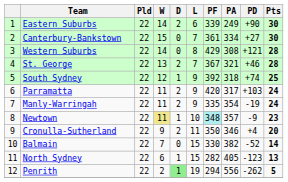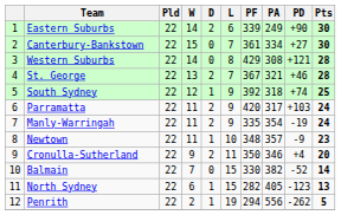 <table class="wikitable" style="text-align:center;">
 <tr>
 <th width=20 abbr="Position×"></th>
 <th width=175>Team</th>
 <th width=20 abbr="Played">Pld</th>
 <th width=20 abbr="Won">W</th>
 <th width=20 abbr="Drawn">D</th>
 <th width=20 abbr="Lost">L</th>
 <th width=20 abbr="Points for">PF</th>
 <th width=20 abbr="Points against">PA</th>
 <th width=20 abbr="Points difference">PD</th>
 <th width=20 abbr="Points">Pts</th>
 </tr>
 <tr style="background: #ccffcc;">
 <td>1</td>
 <td style="text-align:left;"> <a href='#'>Eastern Suburbs</a></td>
 <td>22</td>
 <td>14</td>
 <td>2</td>
 <td>6</td>
 <td>339</td>
 <td>249</td>
 <td>+90</td>
 <td><strong>30</strong></td>
 </tr>
 <tr style="background: #ccffcc;">
 <td>2</td>
 <td style="text-align:left;"> <a href='#'>Canterbury-Bankstown</a></td>
 <td>22</td>
 <td>15</td>
 <td>0</td>
 <td>7</td>
 <td>361</td>
 <td>334</td>
 <td>+27</td>
 <td><strong>30</strong></td>
 </tr>
 <tr style="background: #ccffcc;">
 <td>3</td>
 <td style="text-align:left;"> <a href='#'>Western Suburbs</a></td>
 <td>22</td>
 <td>14</td>
 <td>0</td>
 <td>8</td>
 <td>429</td>
 <td>308</td>
 <td>+121</td>
 <td><strong>28</strong></td>
 </tr>
 <tr style="background: #ccffcc;">
 <td>4</td>
 <td style="text-align:left;"> <a href='#'>St. George</a></td>
 <td>22</td>
 <td>13</td>
 <td>2</td>
 <td>7</td>
 <td>367</td>
 <td>321</td>
 <td>+46</td>
 <td><strong>28</strong></td>
 </tr>
 <tr style="background: #ccffcc;">
 <td>5</td>
 <td style="text-align:left;"> <a href='#'>South Sydney</a></td>
 <td>22</td>
 <td>12</td>
 <td>1</td>
 <td>9</td>
 <td>392</td>
 <td>318</td>
 <td>+74</td>
 <td><strong>25</strong></td>
 </tr>
 <tr>
 <td>6</td>
 <td style="text-align:left;"> <a href='#'>Parramatta</a></td>
 <td>22</td>
 <td>11</td>
 <td>2</td>
 <td>9</td>
 <td>420</td>
 <td>317</td>
 <td>+103</td>
 <td><strong>24</strong></td>
 </tr>
 <tr>
 <td>7</td>
 <td style="text-align:left;"> <a href='#'>Manly-Warringah</a></td>
 <td>22</td>
 <td>11</td>
 <td>2</td>
 <td>9</td>
 <td>335</td>
 <td>354</td>
 <td>-19</td>
 <td><strong>24</strong></td>
 </tr>
 <tr>
 <td>8</td>
 <td style="text-align:left;"> <a href='#'>Newtown</a></td>
 <td>22</td>
-<td style="background: khaki;">11</td>
+<td>11</td>
 <td>1</td>
 <td>10</td>
-<td style="background: paleturquoise;">348</td>
+<td>348</td>
 <td>357</td>
 <td>-9</td>
 <td><strong>23</strong></td>
 </tr>
 <tr>
 <td>9</td>
 <td style="text-align:left;"> <a href='#'>Cronulla-Sutherland</a></td>
 <td>22</td>
 <td>9</td>
 <td>2</td>
 <td>11</td>
 <td>350</td>
 <td>346</td>
 <td>+4</td>
 <td><strong>20</strong></td>
 </tr>
 <tr>
 <td>10</td>
 <td style="text-align:left;"> <a href='#'>Balmain</a></td>
 <td>22</td>
 <td>7</td>
 <td>0</td>
 <td>15</td>
 <td>330</td>
 <td>382</td>
 <td>-52</td>
 <td><strong>14</strong></td>
 </tr>
 <tr>
 <td>11</td>
 <td style="text-align:left;"> <a href='#'>North Sydney</a></td>
 <td>22</td>
 <td>6</td>
 <td>1</td>
 <td>15</td>
 <td>282</td>
 <td>405</td>
 <td>-123</td>
 <td><strong>13</strong></td>
 </tr>
 <tr>
 <td>12</td>
 <td style="text-align:left;"> <a href='#'>Penrith</a></td>
 <td>22</td>
 <td>2</td>
-<td style="background: lightgreen;">1</td>
+<td>1</td>
 <td>19</td>
 <td>294</td>
 <td>556</td>
 <td>-262</td>
 <td><strong>5</strong></td>
 </tr>
 <tr>
 </tr>
 </table>
